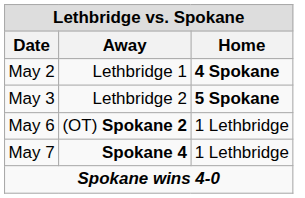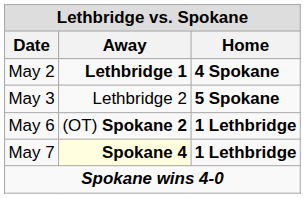 <table class="wikitable">
 <tr>
 <th style="background:#ddd;" colspan="4">Lethbridge vs. Spokane</th>
 </tr>
 <tr>
 <th>Date</th>
 <th>Away</th>
 <th>Home</th>
 </tr>
 <tr>
 <td>May 2</td>
-<td style="text-align:right;">Lethbridge 1</td>
+<td style="text-align:right;"><strong>Lethbridge 1</strong></td>
 <td><strong>4 Spokane</strong></td>
 </tr>
 <tr>
 <td>May 3</td>
 <td style="text-align:right;">Lethbridge 2</td>
 <td><strong>5 Spokane</strong></td>
 </tr>
 <tr>
 <td>May 6</td>
 <td style="text-align:right;">(OT) <strong>Spokane 2</strong></td>
-<td>1 Lethbridge</td>
+<td><strong>1 Lethbridge</strong></td>
 </tr>
 <tr>
 <td>May 7</td>
-<td style="text-align:right;"><strong>Spokane 4</strong></td>
-<td>1 Lethbridge</td>
+<td style="background: lightyellow; text-align:right;"><strong>Spokane 4</strong></td>
+<td><strong>1 Lethbridge</strong></td>
 </tr>
 <tr style="text-align:center;">
 <td colspan="4"><strong><em>Spokane wins 4-0</em></strong></td>
 </tr>
 </table>
